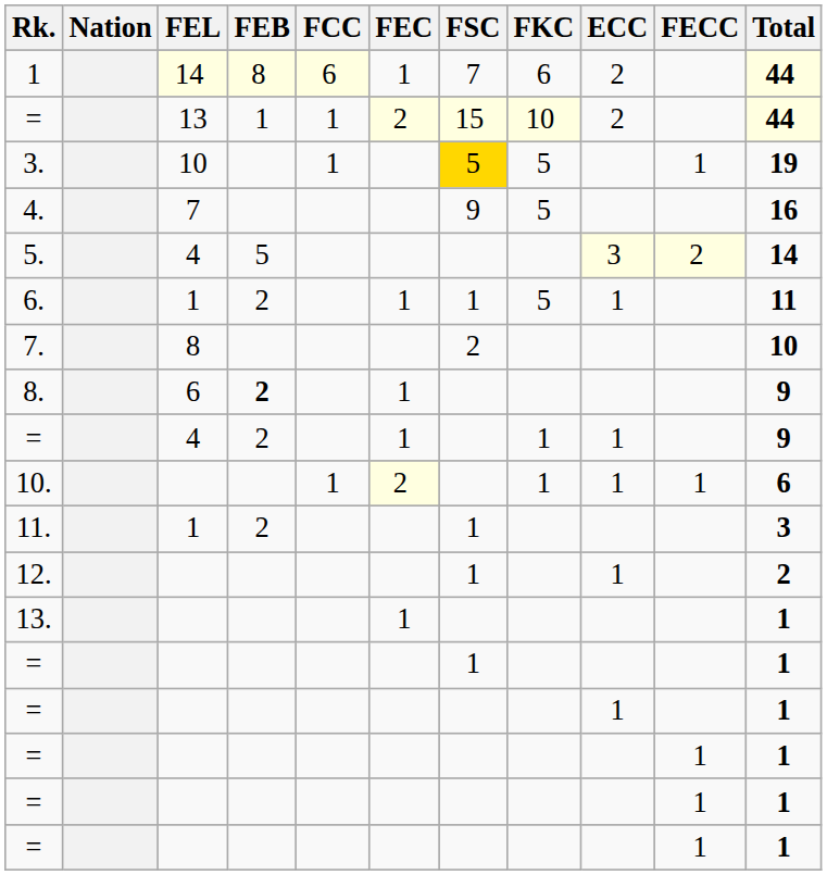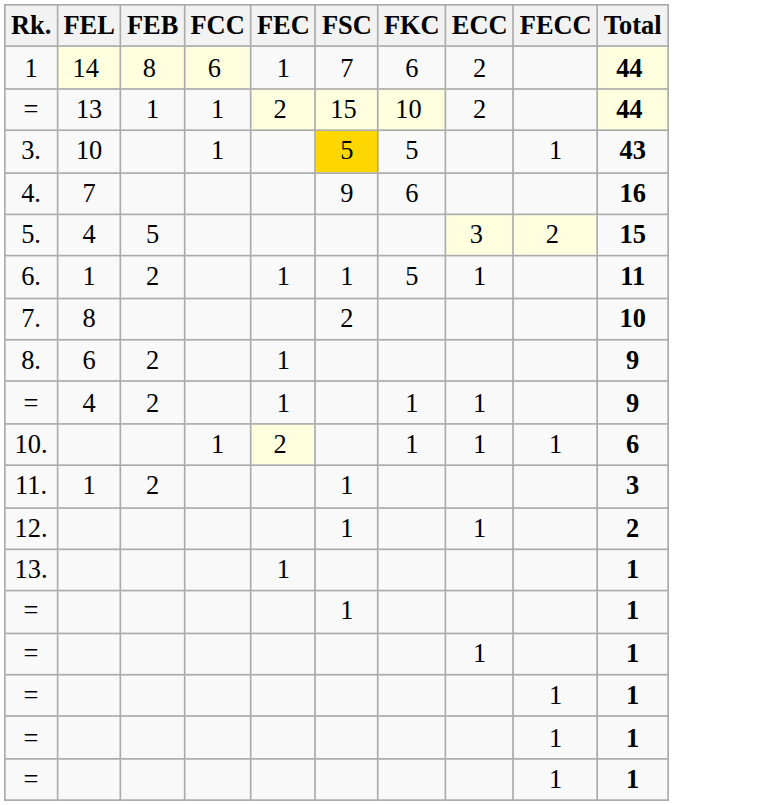 <table class="sortable plainrowheaders wikitable">
 <tr>
 <th scope="col">Rk.</th>
-<th scope="col">Nation</th>
 <th scope="col">FEL</th>
 <th scope="col">FEB</th>
 <th scope="col">FCC</th>
 <th scope="col">FEC</th>
 <th scope="col">FSC</th>
 <th scope="col">FKC</th>
 <th scope="col">ECC</th>
 <th scope="col">FECC</th>
 <th scope="col">Total</th>
 </tr>
 <tr>
 <td align=center>1</td>
-<th scope="row" align="left"></th>
 <td style="text-align:center; background:#ffffe0;">14 </td>
 <td style="text-align:center; background:#ffffe0;">8 </td>
 <td style="text-align:center; background:#ffffe0;">6 </td>
 <td align=center>1</td>
 <td align=center>7</td>
 <td align=center>6</td>
 <td align=center>2</td>
 <td align=center></td>
 <td style="text-align:center; background:#ffffe0;"><strong>44</strong> </td>
 </tr>
 <tr>
 <td align=center>=</td>
-<th scope="row" align="left"></th>
 <td align=center>13</td>
 <td align=center>1</td>
 <td align=center>1</td>
 <td style="text-align:center; background:#ffffe0;">2 </td>
 <td style="text-align:center; background:#ffffe0;">15 </td>
 <td style="text-align:center; background:#ffffe0;">10 </td>
 <td align=center>2</td>
 <td align=center></td>
 <td style="text-align:center; background:#ffffe0;"><strong>44</strong> </td>
 </tr>
 <tr>
 <td align=center>3.</td>
-<th scope="row" align="left"></th>
 <td align=center>10</td>
 <td align=center></td>
 <td align=center>1</td>
 <td align=center></td>
 <td align=center style="background: gold;">5</td>
 <td align=center>5</td>
 <td align=center></td>
 <td align=center>1</td>
-<td align=center><strong>19</strong></td>
+<td align=center><strong>43</strong></td>
 </tr>
 <tr>
 <td align=center>4.</td>
-<th scope="row" align="left"></th>
 <td align=center>7</td>
 <td align=center></td>
 <td align=center></td>
 <td align=center></td>
 <td align=center>9</td>
-<td align=center>5</td>
+<td align=center>6</td>
 <td align=center></td>
 <td align=center></td>
 <td align=center><strong>16</strong></td>
 </tr>
 <tr>
 <td align=center>5.</td>
-<th scope="row" align="left"></th>
 <td align=center>4</td>
 <td align=center>5</td>
 <td align=center></td>
 <td align=center></td>
 <td align=center></td>
 <td align=center></td>
 <td style="text-align:center; background:#ffffe0;">3 </td>
 <td style="text-align:center; background:#ffffe0;">2 </td>
-<td align=center><strong>14</strong></td>
+<td align=center><strong>15</strong></td>
 </tr>
 <tr>
 <td align=center>6.</td>
-<th scope="row" align="left"></th>
 <td align=center>1</td>
 <td align=center>2</td>
 <td align=center></td>
 <td align=center>1</td>
 <td align=center>1</td>
 <td align=center>5</td>
 <td align=center>1</td>
 <td align=center></td>
 <td align=center><strong>11</strong></td>
 </tr>
 <tr>
 <td align=center>7.</td>
-<th scope="row" align="left"></th>
 <td align=center>8</td>
 <td align=center></td>
 <td align=center></td>
 <td align=center></td>
 <td align=center>2</td>
 <td align=center></td>
 <td align=center></td>
 <td align=center></td>
 <td align=center><strong>10</strong></td>
 </tr>
 <tr>
 <td align=center>8.</td>
-<th scope="row" align="left"></th>
 <td align=center>6</td>
-<td align=center><strong>2</strong></td>
+<td align=center>2</td>
 <td align=center></td>
 <td align=center>1</td>
 <td align=center></td>
 <td align=center></td>
 <td align=center></td>
 <td align=center></td>
 <td align=center><strong>9</strong></td>
 </tr>
 <tr>
 <td align=center>=</td>
-<th scope="row" align="left"></th>
 <td align=center>4</td>
 <td align=center>2</td>
 <td align=center></td>
 <td align=center>1</td>
 <td align=center></td>
 <td align=center>1</td>
 <td align=center>1</td>
 <td align=center></td>
 <td align=center><strong>9</strong></td>
 </tr>
 <tr>
 <td align=center>10.</td>
-<th scope="row" align="left"></th>
 <td align=center></td>
 <td align=center></td>
 <td align=center>1</td>
 <td style="text-align:center; background:#ffffe0;">2 </td>
 <td align=center></td>
 <td align=center>1</td>
 <td align=center>1</td>
 <td align=center>1</td>
 <td align=center><strong>6</strong></td>
 </tr>
 <tr>
 <td align=center>11.</td>
-<th scope="row" align="left"></th>
 <td align=center>1</td>
 <td align=center>2</td>
 <td align=center></td>
 <td align=center></td>
 <td align=center>1</td>
 <td align=center></td>
 <td align=center></td>
 <td align=center></td>
 <td align=center><strong>3</strong></td>
 </tr>
 <tr>
 <td align=center>12.</td>
-<th scope="row" align="left"></th>
 <td align=center></td>
 <td align=center></td>
 <td align=center></td>
 <td align=center></td>
 <td align=center>1</td>
 <td align=center></td>
 <td align=center>1</td>
 <td align=center></td>
 <td align=center><strong>2</strong></td>
 </tr>
 <tr>
 <td align=center>13.</td>
-<th scope="row" align="left"></th>
 <td align=center></td>
 <td align=center></td>
 <td align=center></td>
 <td align=center>1</td>
 <td align=center></td>
 <td align=center></td>
 <td align=center></td>
 <td align=center></td>
 <td align=center><strong>1</strong></td>
 </tr>
 <tr>
 <td align=center>=</td>
-<th scope="row" align="left"></th>
 <td align=center></td>
 <td align=center></td>
 <td align=center></td>
 <td align=center></td>
 <td align=center>1</td>
 <td align=center></td>
 <td align=center></td>
 <td align=center></td>
 <td align=center><strong>1</strong></td>
 </tr>
 <tr>
 <td align=center>=</td>
-<th scope="row" align="left"></th>
 <td align=center></td>
 <td align=center></td>
 <td align=center></td>
 <td align=center></td>
 <td align=center></td>
 <td align=center></td>
 <td align=center>1</td>
 <td align=center></td>
 <td align=center><strong>1</strong></td>
 </tr>
 <tr>
 <td align=center>=</td>
-<th scope="row" align="left"></th>
 <td align=center></td>
 <td align=center></td>
 <td align=center></td>
 <td align=center></td>
 <td align=center></td>
 <td align=center></td>
 <td align=center></td>
 <td align=center>1</td>
 <td align=center><strong>1</strong></td>
 </tr>
 <tr>
 <td align=center>=</td>
-<th scope="row" align="left"></th>
 <td align=center></td>
 <td align=center></td>
 <td align=center></td>
 <td align=center></td>
 <td align=center></td>
 <td align=center></td>
 <td align=center></td>
 <td align=center>1</td>
 <td align=center><strong>1</strong></td>
 </tr>
 <tr>
 <td align=center>=</td>
-<th scope="row" align="left"></th>
 <td align=center></td>
 <td align=center></td>
 <td align=center></td>
 <td align=center></td>
 <td align=center></td>
 <td align=center></td>
 <td align=center></td>
 <td align=center>1</td>
 <td align=center><strong>1</strong></td>
 </tr>
 </table>
